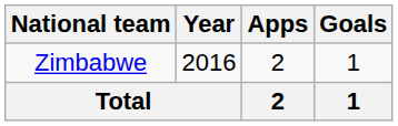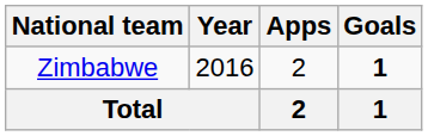 <table class="wikitable" style="text-align:center">
 <tr>
 <th>National team</th>
 <th>Year</th>
 <th>Apps</th>
 <th>Goals</th>
 </tr>
 <tr>
 <td rowspan="1"><a href='#'>Zimbabwe</a></td>
 <td>2016</td>
 <td>2</td>
-<td>1</td>
+<td><strong>1</strong></td>
 </tr>
 <tr>
 <th colspan=2>Total</th>
 <th>2</th>
 <th>1</th>
 </tr>
 </table>
